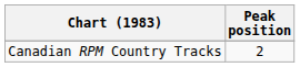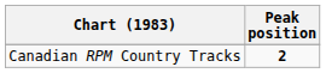 <table class="wikitable sortable">
 <tr>
 <th align="left">Chart (1983)</th>
 <th align="center">Peak<br>position</th>
 </tr>
 <tr>
 </tr>
 <tr>
 </tr>
 <tr>
 <td align="left">Canadian <em>RPM</em> Country Tracks</td>
-<td align="center">2</td>
+<td align="center"><strong>2</strong></td>
 </tr>
 </table>
